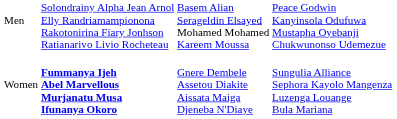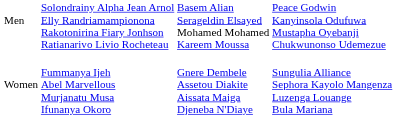 <table>
 <tr>
 <td>Men</td>
 <td><br><a href='#'>Solondrainy Alpha Jean Arnol</a><br><a href='#'>Elly Randriamampionona</a><br><a href='#'>Rakotonirina Fiary Jonhson</a><br><a href='#'>Ratianarivo Livio Rocheteau</a></td>
 <td><br><a href='#'>Basem Alian</a><br><a href='#'>Serageldin Elsayed</a><br>Mohamed Mohamed<br><a href='#'>Kareem Moussa</a></td>
 <td><br><a href='#'>Peace Godwin</a><br><a href='#'>Kanyinsola Odufuwa</a><br><a href='#'>Mustapha Oyebanji</a><br><a href='#'>Chukwunonso Udemezue</a></td>
 </tr>
 <tr>
 <td>Women</td>
-<td><strong><br><a href='#'>Fummanya Ijeh</a><br><a href='#'>Abel Marvellous</a><br><a href='#'>Murjanatu Musa</a><br><a href='#'>Ifunanya Okoro</a></strong></td>
+<td><br><a href='#'>Fummanya Ijeh</a><br><a href='#'>Abel Marvellous</a><br><a href='#'>Murjanatu Musa</a><br><a href='#'>Ifunanya Okoro</a></td>
 <td><br><a href='#'>Gnere Dembele</a><br><a href='#'>Assetou Diakite</a><br><a href='#'>Aissata Maiga</a><br><a href='#'>Djeneba N'Diaye</a></td>
 <td><br><a href='#'>Sungulia Alliance</a><br><a href='#'>Sephora Kayolo Mangenza</a><br><a href='#'>Luzenga Louange</a><br><a href='#'>Bula Mariana</a></td>
 </tr>
 </table>
